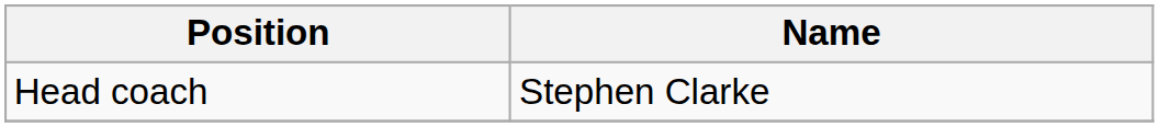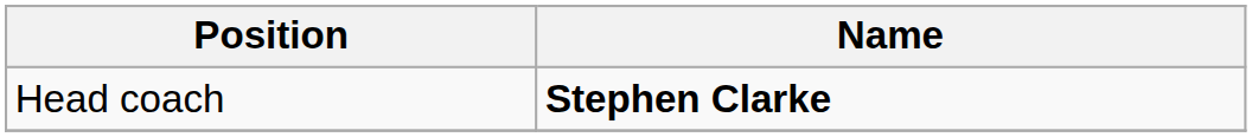 <table class="wikitable" width=40% style="text-align:left;font-size:100%;">
 <tr>
 <th>Position</th>
 <th>Name</th>
 </tr>
 <tr>
 <td>Head coach</td>
-<td> Stephen Clarke</td>
+<td><strong> Stephen Clarke</strong></td>
 </tr>
 <tr>
 </tr>
 </table>
